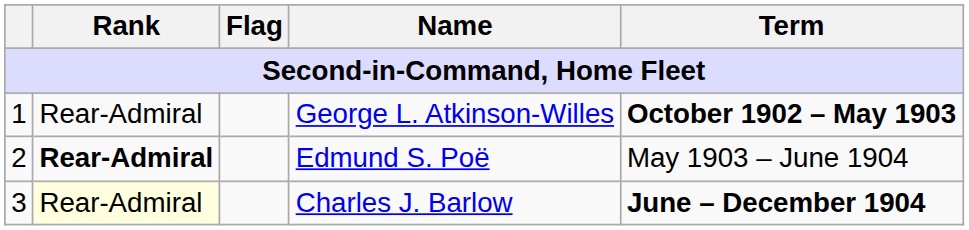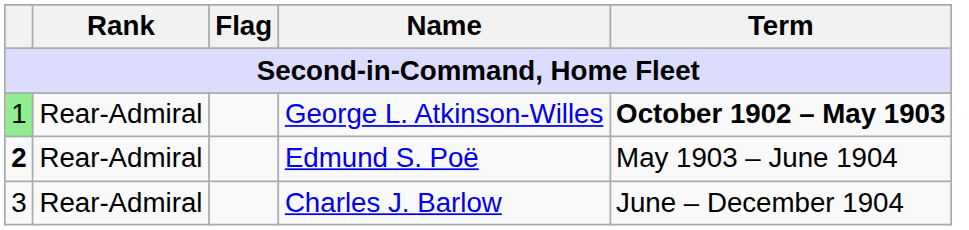 <table class="wikitable">
 <tr>
 <th></th>
 <th>Rank</th>
 <th>Flag</th>
 <th>Name</th>
 <th>Term</th>
 </tr>
 <tr>
 <td colspan="5" align="center" style="background:#dcdcfe;"><strong>Second-in-Command, Home Fleet</strong></td>
 </tr>
 <tr>
-<td>1</td>
+<td style="background: lightgreen;">1</td>
 <td>Rear-Admiral</td>
 <td></td>
 <td><a href='#'>George L. Atkinson-Willes</a></td>
 <td><strong>October 1902 – May 1903</strong></td>
 </tr>
 <tr>
-<td>2</td>
-<td><strong>Rear-Admiral</strong></td>
+<td><strong>2</strong></td>
+<td>Rear-Admiral</td>
 <td></td>
 <td><a href='#'>Edmund S. Poë</a></td>
 <td>May 1903 – June 1904</td>
 </tr>
 <tr>
 <td>3</td>
-<td style="background: lightyellow;">Rear-Admiral</td>
+<td>Rear-Admiral</td>
 <td></td>
 <td><a href='#'>Charles J. Barlow</a></td>
-<td><strong>June – December 1904</strong></td>
+<td>June – December 1904</td>
 </tr>
 </table>
